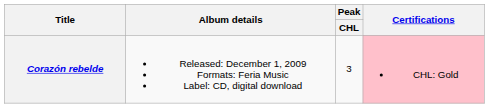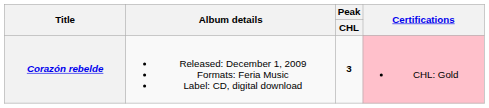 <table class="wikitable plainrowheaders" style="text-align:center;">
 <tr>
 <th rowspan="2" scope="col" style="width:12em;">Title</th>
 <th rowspan="2" scope="col" style="width:21em;">Album details</th>
 <th>Peak</th>
 <th rowspan="2" scope="col" style="width:12em;"><a href='#'>Certifications</a></th>
 </tr>
 <tr>
 <th>CHL</th>
 </tr>
 <tr>
 <th scope="row"><em><a href='#'>Corazón rebelde</a></em></th>
 <td><br><ul><li>Released: December 1, 2009</li><li>Formats: Feria Music</li><li>Label: CD, digital download</li></ul></td>
-<td>3</td>
+<td><strong>3</strong></td>
 <td style="background: pink;"><br><ul><li>CHL: Gold</li></ul></td>
 </tr>
 </table>
